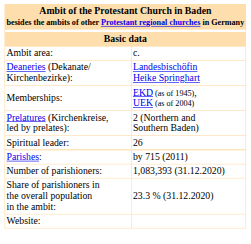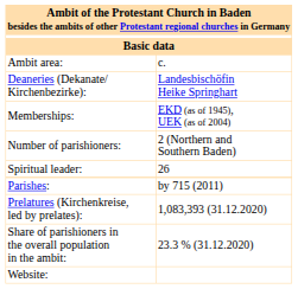 <table border="0" cellpadding="2" cellspacing="1" style="float:right; empty-cells:show; margin-left:1em; margin-bottom:0.5em; background:#FFDEAD;">
 <tr>
 <th colspan="2">Ambit of the Protestant Church in Baden <br><small>besides the ambits of other <a href='#'>Protestant regional churches</a> in Germany</small></th>
 </tr>
 <tr --- bgcolor="#FFFFFF">
 <td colspan="2" align="center"></td>
 </tr>
 <tr>
 <th colspan="2">Basic data</th>
 </tr>
 <tr style="background: #ffffff;">
 <td>Ambit area:</td>
 <td>c. </td>
 </tr>
 <tr style="background: #ffffff;">
 <td><a href='#'>Deaneries</a> (Dekanate/ <br>Kirchenbezirke):</td>
 <td><a href='#'>Landesbischöfin</a><br><a href='#'>Heike Springhart</a></td>
 </tr>
 <tr style="background: #ffffff;">
 <td>Memberships:</td>
 <td><a href='#'>EKD</a><small> (as of  1945)</small>, <br><a href='#'>UEK</a><small> (as of 2004)</small></td>
 </tr>
 <tr style="background: #ffffff;">
-<td><a href='#'>Prelatures</a> (Kirchenkreise, <br>led by prelates):</td>
+<td>Number of parishioners:</td>
 <td>2 (Northern and <br>Southern Baden)</td>
 </tr>
 <tr --- bgcolor="#FFFFFF">
 <td>Spiritual leader:</td>
 <td>26</td>
 </tr>
 <tr --- bgcolor="#FFFFFF">
 </tr>
 <tr style="background: #ffffff;">
 <td><a href='#'>Parishes</a>:</td>
 <td>by 715 (2011)</td>
 </tr>
 <tr style="background: #ffffff;">
-<td>Number of parishioners:</td>
+<td><a href='#'>Prelatures</a> (Kirchenkreise, <br>led by prelates):</td>
 <td>1,083,393 (31.12.2020)</td>
 </tr>
 <tr style="background: #ffffff;">
 <td>Share of parishioners in <br>the overall population <br>in the ambit:</td>
 <td>23.3 % (31.12.2020)</td>
 </tr>
 <tr style="background: #ffffff;">
 <td>Website:</td>
 <td></td>
 </tr>
 </table>
